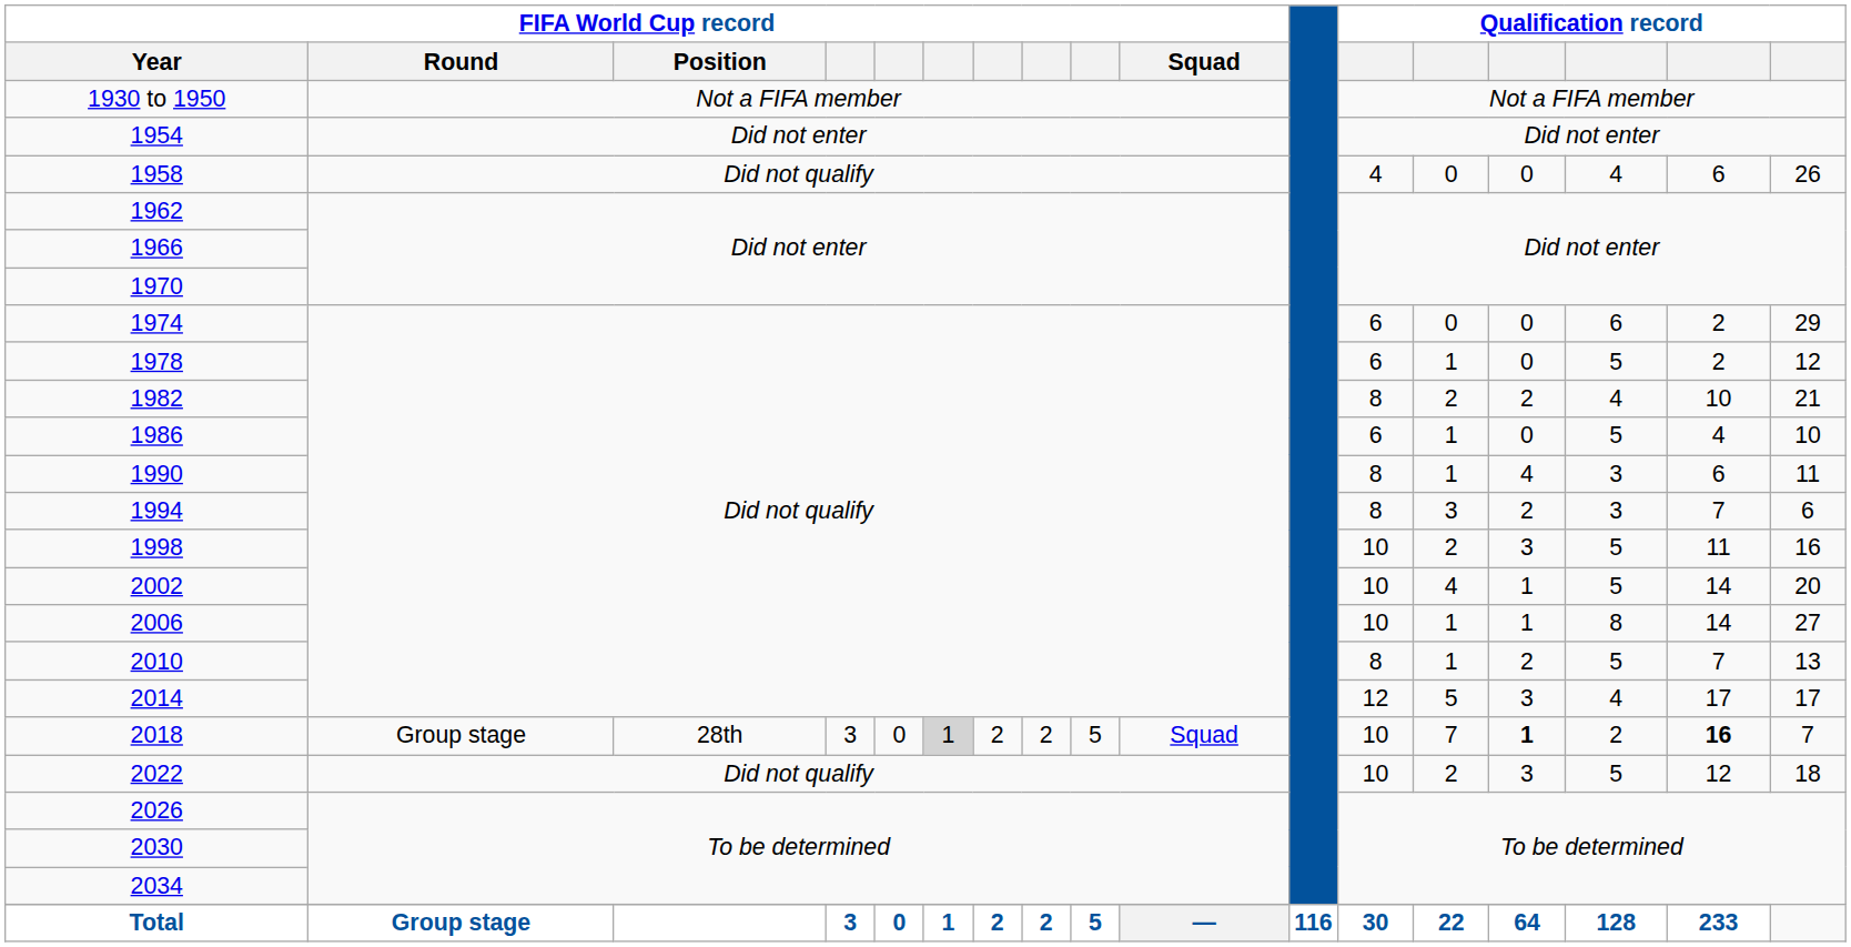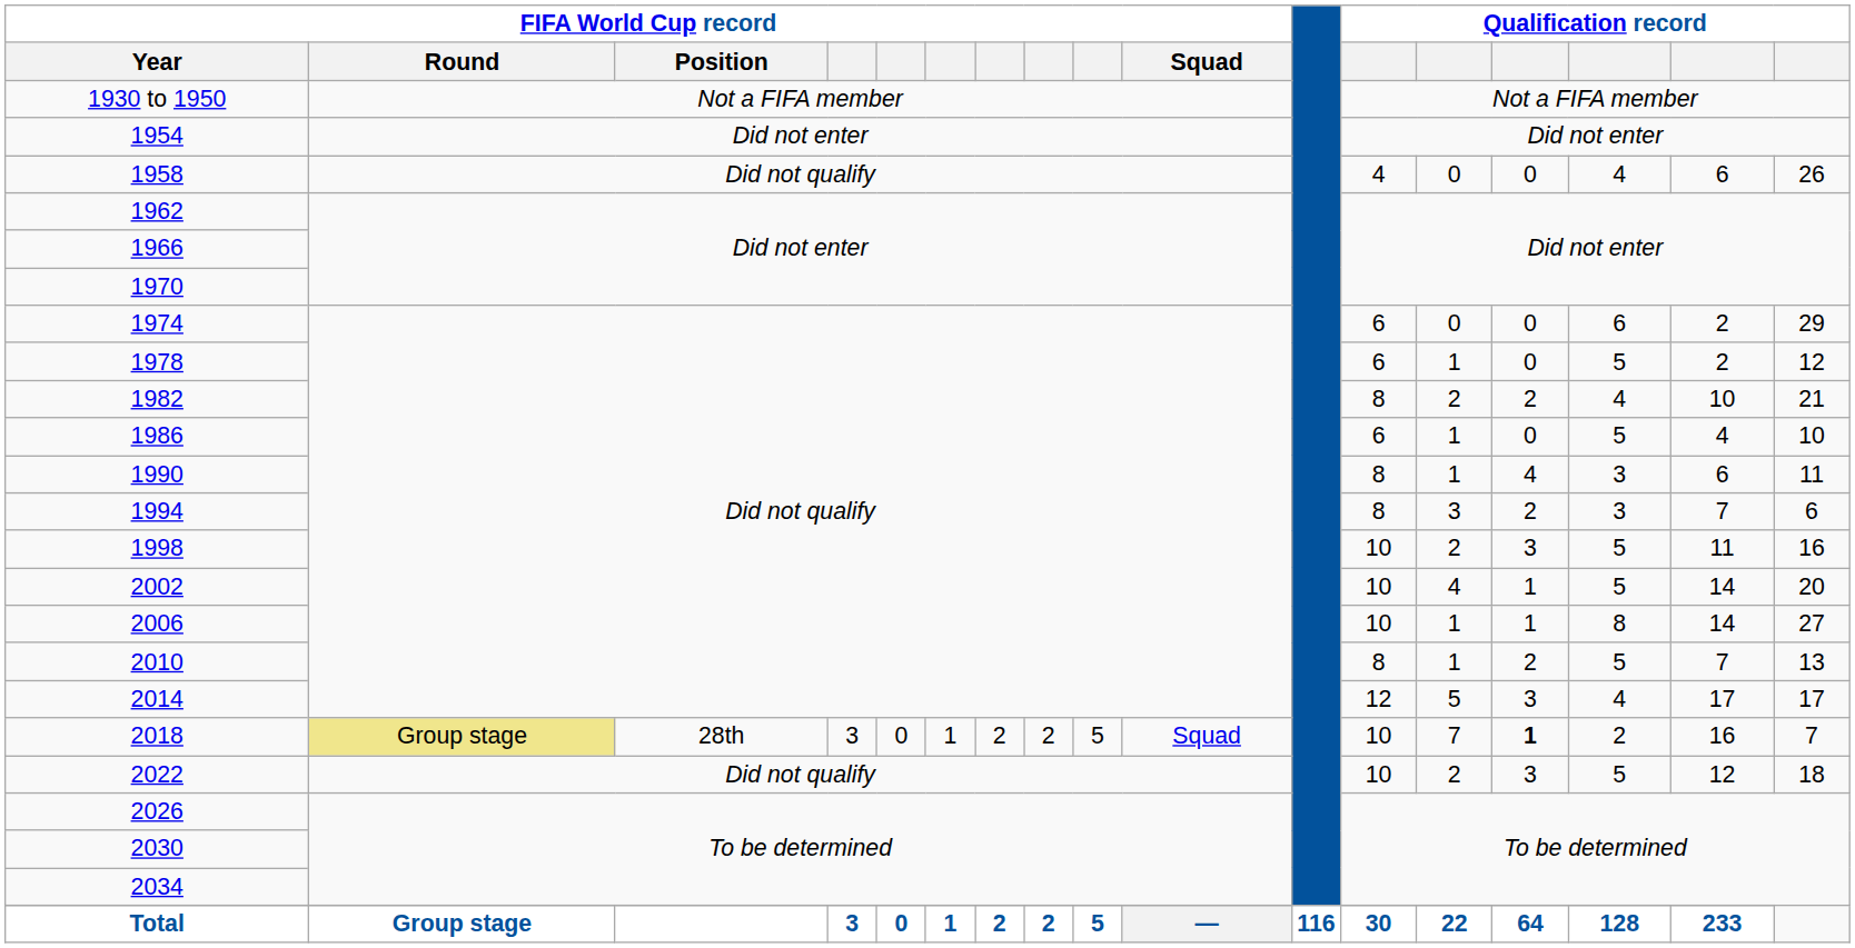 <table class="wikitable" style="text-align: center;">
 <tr style="color:#02529C;">
 <th colspan="10" style="background:#FFFFFF;"><a href='#'>FIFA World Cup</a> record</th>
 <th style="width:1%; background:#02529C;" rowspan=25></th>
 <th colspan="6" style="background:#FFFFFF;"><a href='#'>Qualification</a> record</th>
 </tr>
 <tr>
 <th>Year</th>
 <th>Round</th>
 <th>Position</th>
 <th></th>
 <th></th>
 <th></th>
 <th></th>
 <th></th>
 <th></th>
 <th>Squad</th>
 <th></th>
 <th></th>
 <th></th>
 <th></th>
 <th></th>
 <th></th>
 </tr>
 <tr>
 <td> <a href='#'>1930</a> to  <a href='#'>1950</a></td>
 <td colspan=9><em>Not a FIFA member</em></td>
 <td colspan=6><em>Not a FIFA member</em></td>
 </tr>
 <tr>
 <td> <a href='#'>1954</a></td>
 <td colspan=9><em>Did not enter</em></td>
 <td colspan=6><em>Did not enter</em></td>
 </tr>
 <tr>
 <td> <a href='#'>1958</a></td>
 <td colspan="9"><em>Did not qualify</em></td>
 <td>4</td>
 <td>0</td>
 <td>0</td>
 <td>4</td>
 <td>6</td>
 <td>26</td>
 </tr>
 <tr>
 <td> <a href='#'>1962</a></td>
 <td colspan="9" rowspan="3"><em>Did not enter</em></td>
 <td colspan=6 rowspan=3><em>Did not enter</em></td>
 </tr>
 <tr>
 <td> <a href='#'>1966</a></td>
 </tr>
 <tr>
 <td> <a href='#'>1970</a></td>
 </tr>
 <tr>
 <td> <a href='#'>1974</a></td>
 <td colspan="9" rowspan="11"><em>Did not qualify</em></td>
 <td>6</td>
 <td>0</td>
 <td>0</td>
 <td>6</td>
 <td>2</td>
 <td>29</td>
 </tr>
 <tr>
 <td> <a href='#'>1978</a></td>
 <td>6</td>
 <td>1</td>
 <td>0</td>
 <td>5</td>
 <td>2</td>
 <td>12</td>
 </tr>
 <tr>
 <td> <a href='#'>1982</a></td>
 <td>8</td>
 <td>2</td>
 <td>2</td>
 <td>4</td>
 <td>10</td>
 <td>21</td>
 </tr>
 <tr>
 <td> <a href='#'>1986</a></td>
 <td>6</td>
 <td>1</td>
 <td>0</td>
 <td>5</td>
 <td>4</td>
 <td>10</td>
 </tr>
 <tr>
 <td> <a href='#'>1990</a></td>
 <td>8</td>
 <td>1</td>
 <td>4</td>
 <td>3</td>
 <td>6</td>
 <td>11</td>
 </tr>
 <tr>
 <td> <a href='#'>1994</a></td>
 <td>8</td>
 <td>3</td>
 <td>2</td>
 <td>3</td>
 <td>7</td>
 <td>6</td>
 </tr>
 <tr>
 <td> <a href='#'>1998</a></td>
 <td>10</td>
 <td>2</td>
 <td>3</td>
 <td>5</td>
 <td>11</td>
 <td>16</td>
 </tr>
 <tr>
 <td>  <a href='#'>2002</a></td>
 <td>10</td>
 <td>4</td>
 <td>1</td>
 <td>5</td>
 <td>14</td>
 <td>20</td>
 </tr>
 <tr>
 <td> <a href='#'>2006</a></td>
 <td>10</td>
 <td>1</td>
 <td>1</td>
 <td>8</td>
 <td>14</td>
 <td>27</td>
 </tr>
 <tr>
 <td> <a href='#'>2010</a></td>
 <td>8</td>
 <td>1</td>
 <td>2</td>
 <td>5</td>
 <td>7</td>
 <td>13</td>
 </tr>
 <tr>
 <td> <a href='#'>2014</a></td>
 <td>12</td>
 <td>5</td>
 <td>3</td>
 <td>4</td>
 <td>17</td>
 <td>17</td>
 </tr>
 <tr>
 <td> <a href='#'>2018</a></td>
-<td>Group stage</td>
+<td style="background: khaki;">Group stage</td>
 <td>28th</td>
 <td>3</td>
 <td>0</td>
-<td style="background: lightgrey;">1</td>
+<td>1</td>
 <td>2</td>
 <td>2</td>
 <td>5</td>
 <td><a href='#'>Squad</a></td>
 <td>10</td>
 <td>7</td>
 <td><strong>1</strong></td>
 <td>2</td>
-<td><strong>16</strong></td>
+<td>16</td>
 <td>7</td>
 </tr>
 <tr>
 <td> <a href='#'>2022</a></td>
 <td colspan="9"><em>Did not qualify</em></td>
 <td>10</td>
 <td>2</td>
 <td>3</td>
 <td>5</td>
 <td>12</td>
 <td>18</td>
 </tr>
 <tr>
 <td>   <a href='#'>2026</a></td>
 <td colspan="9" rowspan="3"><em>To be determined</em></td>
 <td colspan="6" rowspan="3"><em> To be determined </em></td>
 </tr>
 <tr>
 <td>   <a href='#'>2030</a></td>
 </tr>
 <tr>
 <td> <a href='#'>2034</a></td>
 </tr>
 <tr>
 </tr>
 <tr style="color:#02529C;">
 <th style="background:#FFFFFF;">Total</th>
 <th style="background:#FFFFFF;">Group stage</th>
 <th style="background:#FFFFFF;"></th>
 <th style="background:#FFFFFF;">3</th>
 <th style="background:#FFFFFF;">0</th>
 <th style="background:#FFFFFF;">1</th>
 <th style="background:#FFFFFF;">2</th>
 <th style="background:#FFFFFF;">2</th>
 <th style="background:#FFFFFF;">5</th>
 <th>—</th>
 <th style="background:#FFFFFF;">116</th>
 <th style="background:#FFFFFF;">30</th>
 <th style="background:#FFFFFF;">22</th>
 <th style="background:#FFFFFF;">64</th>
 <th style="background:#FFFFFF;">128</th>
 <th style="background:#FFFFFF;">233</th>
 </tr>
 </table>
